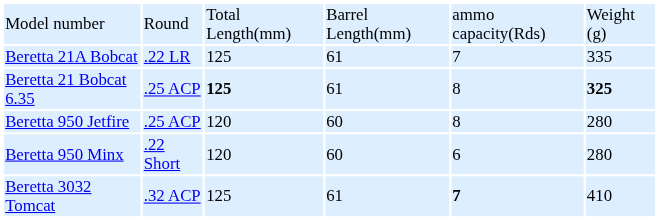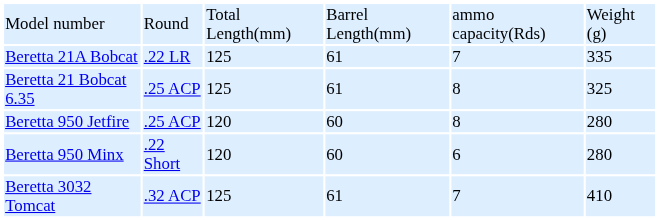 <table>
 <tr bgcolor=#ddeeff>
 <td>Model number</td>
 <td>Round</td>
 <td>Total Length(mm)</td>
 <td>Barrel Length(mm)</td>
 <td>ammo capacity(Rds)</td>
 <td>Weight (g)</td>
 </tr>
 <tr bgcolor=#ddeeff>
 <td><a href='#'>Beretta 21A Bobcat</a></td>
 <td><a href='#'>.22 LR</a></td>
 <td>125</td>
 <td>61</td>
 <td>7</td>
 <td>335</td>
 </tr>
 <tr bgcolor=#ddeeff>
 <td><a href='#'>Beretta 21 Bobcat 6.35</a></td>
 <td><a href='#'>.25 ACP</a></td>
-<td><strong>125</strong></td>
+<td>125</td>
 <td>61</td>
 <td>8</td>
-<td><strong>325</strong></td>
+<td>325</td>
 </tr>
 <tr bgcolor=#ddeeff>
 <td><a href='#'>Beretta 950 Jetfire</a></td>
 <td><a href='#'>.25 ACP</a></td>
 <td>120</td>
 <td>60</td>
 <td>8</td>
 <td>280</td>
 </tr>
 <tr bgcolor=#ddeeff>
 <td><a href='#'>Beretta 950 Minx</a></td>
 <td><a href='#'>.22 Short</a></td>
 <td>120</td>
 <td>60</td>
 <td>6</td>
 <td>280</td>
 </tr>
 <tr bgcolor=#ddeeff>
 <td><a href='#'>Beretta 3032 Tomcat</a></td>
 <td><a href='#'>.32 ACP</a></td>
 <td>125</td>
 <td>61</td>
-<td><strong>7</strong></td>
+<td>7</td>
 <td>410</td>
 </tr>
 <tr bgcolor=#ddeeff>
 </tr>
 </table>
